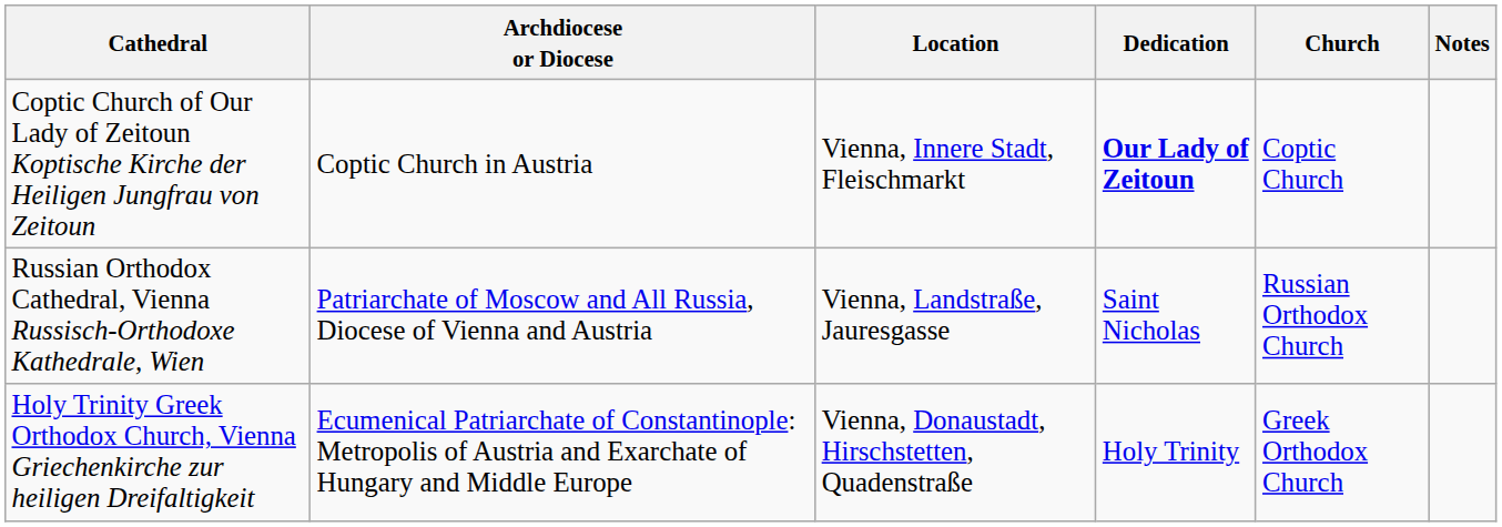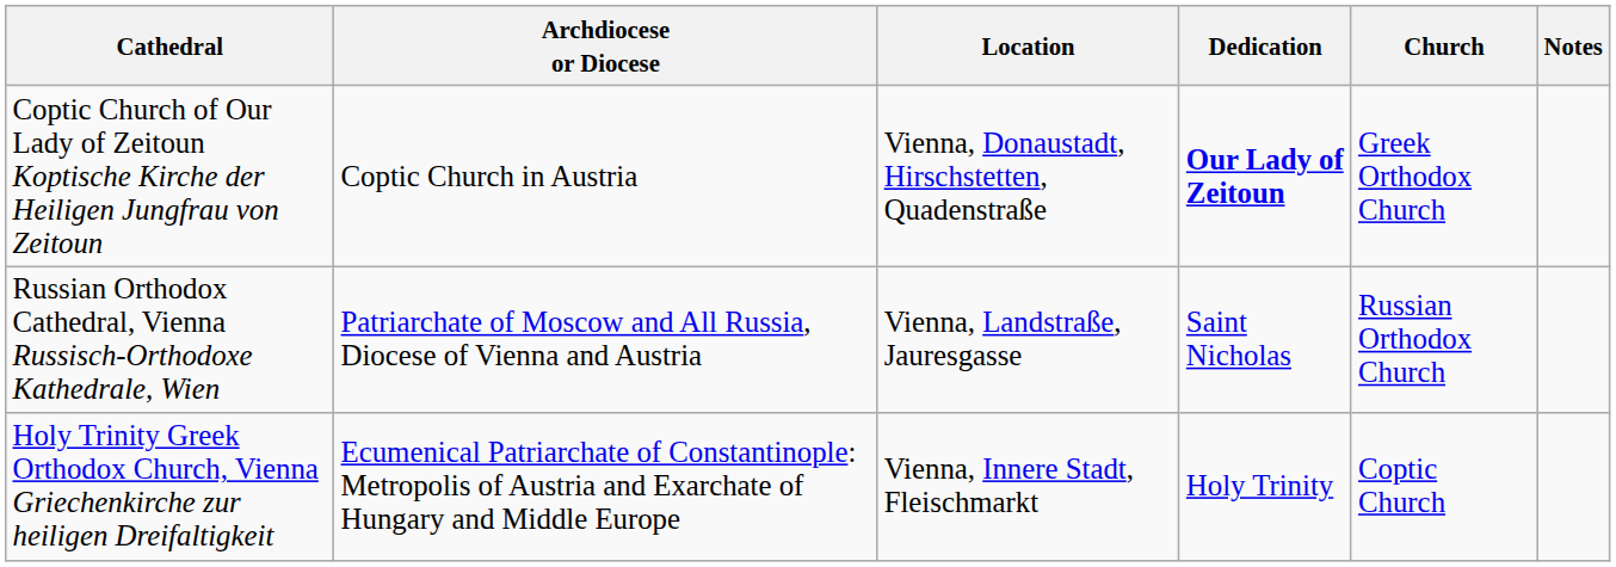 <table class="wikitable sortable">
 <tr>
 <th><small>Cathedral</small></th>
 <th><small>Archdiocese<br>or Diocese</small></th>
 <th><small>Location</small></th>
 <th><small>Dedication</small></th>
 <th><small>Church</small></th>
 <th><small>Notes</small></th>
 </tr>
 <tr>
 <td>Coptic Church of Our Lady of Zeitoun<br><em>Koptische Kirche der Heiligen Jungfrau von Zeitoun</em></td>
 <td>Coptic Church in Austria </td>
-<td>Vienna, <a href='#'>Innere Stadt</a>, Fleischmarkt</td>
+<td>Vienna, <a href='#'>Donaustadt</a>, <a href='#'>Hirschstetten</a>, Quadenstraße</td>
 <td><strong><a href='#'>Our Lady of Zeitoun</a></strong></td>
-<td><a href='#'>Coptic Church</a></td>
+<td><a href='#'>Greek Orthodox Church</a></td>
 <td></td>
 </tr>
 <tr>
 <td>Russian Orthodox Cathedral, Vienna<br><em>Russisch-Orthodoxe Kathedrale, Wien</em></td>
 <td><a href='#'>Patriarchate of Moscow and All Russia</a>, Diocese of Vienna and Austria</td>
 <td>Vienna, <a href='#'>Landstraße</a>, Jauresgasse</td>
 <td><a href='#'>Saint Nicholas</a></td>
 <td><a href='#'>Russian Orthodox Church</a></td>
 <td></td>
 </tr>
 <tr>
 <td><a href='#'>Holy Trinity Greek Orthodox Church, Vienna</a><br><em>Griechenkirche zur heiligen Dreifaltigkeit</em></td>
 <td><a href='#'>Ecumenical Patriarchate of Constantinople</a>: Metropolis of Austria and Exarchate of Hungary and Middle Europe</td>
-<td>Vienna, <a href='#'>Donaustadt</a>, <a href='#'>Hirschstetten</a>, Quadenstraße</td>
+<td>Vienna, <a href='#'>Innere Stadt</a>, Fleischmarkt</td>
 <td><a href='#'>Holy Trinity</a></td>
-<td><a href='#'>Greek Orthodox Church</a></td>
+<td><a href='#'>Coptic Church</a></td>
 <td></td>
 </tr>
 </table>
